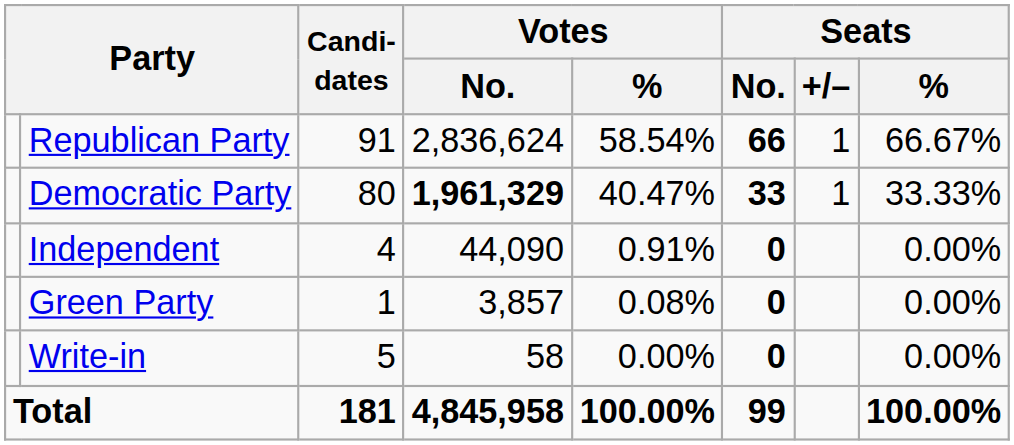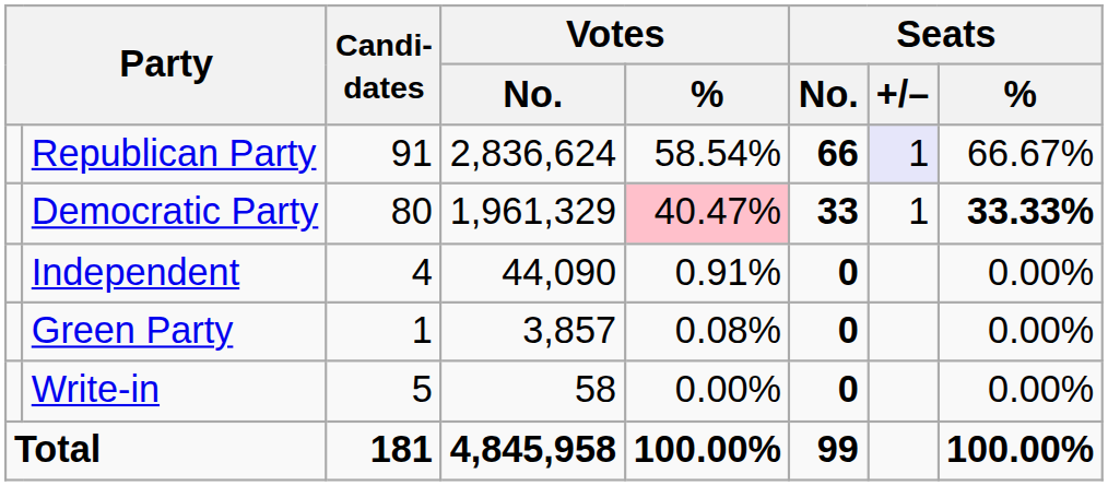 <table class="wikitable" style="font-size:100%; text-align:right;">
 <tr>
 <th colspan=2 rowspan=2>Party</th>
 <th rowspan=2><small>Candi-<br>dates</small></th>
 <th colspan=2>Votes</th>
 <th colspan=3>Seats</th>
 </tr>
 <tr>
 <th>No.</th>
 <th>%</th>
 <th>No.</th>
 <th>+/–</th>
 <th>%</th>
 </tr>
 <tr>
 <td style="background:"></td>
 <td align=left><a href='#'>Republican Party</a></td>
 <td>91</td>
 <td>2,836,624</td>
 <td>58.54%</td>
 <td><strong>66</strong></td>
-<td>1</td>
+<td style="background: lavender;">1</td>
 <td>66.67%</td>
 </tr>
 <tr>
 <td style="background:"></td>
 <td align=left><a href='#'>Democratic Party</a></td>
 <td>80</td>
-<td><strong>1,961,329</strong></td>
-<td>40.47%</td>
+<td>1,961,329</td>
+<td style="background: pink;">40.47%</td>
 <td><strong>33</strong></td>
 <td>1</td>
-<td>33.33%</td>
+<td><strong>33.33%</strong></td>
 </tr>
 <tr>
 <td style="background:"></td>
 <td align=left><a href='#'>Independent</a></td>
 <td>4</td>
 <td>44,090</td>
 <td>0.91%</td>
 <td><strong>0</strong></td>
 <td></td>
 <td>0.00%</td>
 </tr>
 <tr>
 <td style="background:"></td>
 <td align=left><a href='#'>Green Party</a></td>
 <td>1</td>
 <td>3,857</td>
 <td>0.08%</td>
 <td><strong>0</strong></td>
 <td></td>
 <td>0.00%</td>
 </tr>
 <tr>
 <td style="background:"></td>
 <td align=left><a href='#'>Write-in</a></td>
 <td>5</td>
 <td>58</td>
 <td>0.00%</td>
 <td><strong>0</strong></td>
 <td></td>
 <td>0.00%</td>
 </tr>
 <tr style="font-weight:bold">
 <td colspan=2 align=left>Total</td>
 <td>181</td>
 <td>4,845,958</td>
 <td>100.00%</td>
 <td>99</td>
 <td></td>
 <td>100.00%</td>
 </tr>
 </table>
